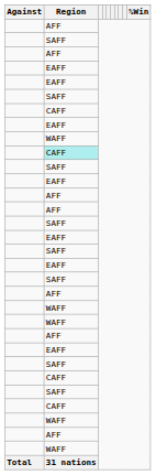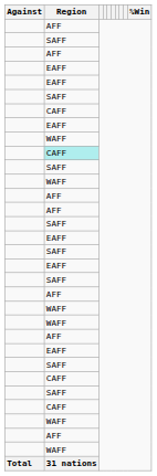 <table class="wikitable sortable" style="text-align: left;font-size:90%;">
 <tr>
 <th>Against</th>
 <th>Region</th>
 <th></th>
 <th></th>
 <th></th>
 <th></th>
 <th></th>
 <th></th>
 <th></th>
 <th>%Win</th>
 </tr>
 <tr>
 <td></td>
 <td>AFF<br></td>
 </tr>
 <tr>
 <td></td>
 <td>SAFF<br></td>
 </tr>
 <tr>
 <td></td>
 <td>AFF<br></td>
 </tr>
 <tr>
 <td></td>
 <td>EAFF<br></td>
 </tr>
 <tr>
 <td></td>
 <td>EAFF<br></td>
 </tr>
 <tr>
 <td></td>
 <td>SAFF<br></td>
 </tr>
 <tr>
 <td></td>
 <td>CAFF<br></td>
 </tr>
 <tr>
 <td></td>
 <td>EAFF<br></td>
 </tr>
 <tr>
 <td></td>
 <td>WAFF<br></td>
 </tr>
 <tr>
 <td></td>
 <td style="background: paleturquoise;">CAFF<br></td>
 </tr>
 <tr>
 <td></td>
 <td>SAFF<br></td>
 </tr>
 <tr>
 <td></td>
-<td>EAFF<br></td>
+<td>WAFF<br></td>
 </tr>
 <tr>
 <td></td>
 <td>AFF<br></td>
 </tr>
 <tr>
 <td></td>
 <td>AFF<br></td>
 </tr>
 <tr>
 <td></td>
 <td>SAFF<br></td>
 </tr>
 <tr>
 <td></td>
 <td>EAFF<br></td>
 </tr>
 <tr>
 <td></td>
 <td>SAFF<br></td>
 </tr>
 <tr>
 <td></td>
 <td>EAFF<br></td>
 </tr>
 <tr>
 <td></td>
 <td>SAFF<br></td>
 </tr>
 <tr>
 <td></td>
 <td>AFF<br></td>
 </tr>
 <tr>
 <td></td>
 <td>WAFF<br></td>
 </tr>
 <tr>
 <td></td>
 <td>WAFF<br></td>
 </tr>
 <tr>
 <td></td>
 <td>AFF<br></td>
 </tr>
 <tr>
 <td></td>
 <td>EAFF<br></td>
 </tr>
 <tr>
 <td></td>
 <td>SAFF<br></td>
 </tr>
 <tr>
 <td></td>
 <td>CAFF<br></td>
 </tr>
 <tr>
 <td></td>
 <td>SAFF<br></td>
 </tr>
 <tr>
 <td></td>
 <td>CAFF<br></td>
 </tr>
 <tr>
 <td></td>
 <td>WAFF<br></td>
 </tr>
 <tr>
 <td></td>
 <td>AFF<br></td>
 </tr>
 <tr>
 <td></td>
 <td>WAFF<br></td>
 </tr>
 <tr class="sortbottom">
 <th style="text-align:left;">Total</th>
 <th>31 nations<br></th>
 </tr>
 </table>
